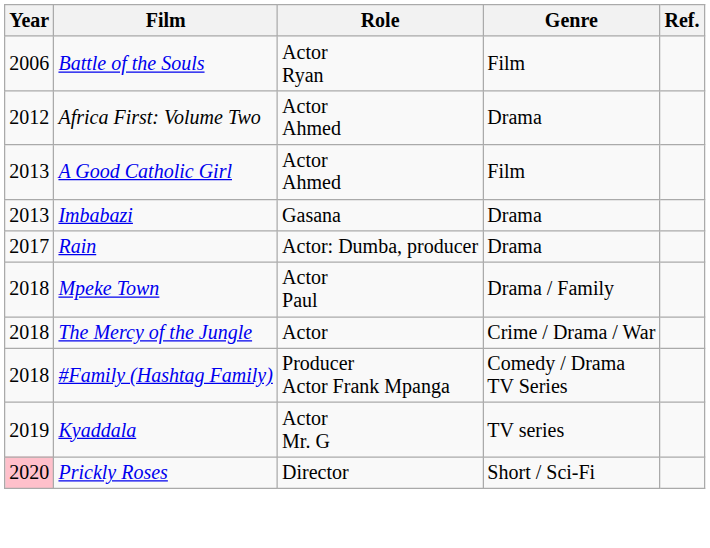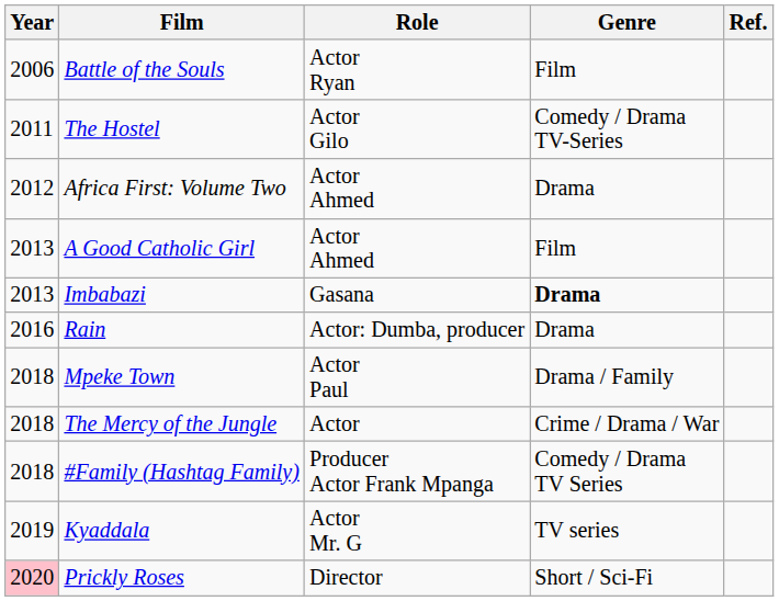 <table class="wikitable">
 <tr>
 <th>Year</th>
 <th>Film</th>
 <th>Role</th>
 <th>Genre</th>
 <th>Ref.</th>
 </tr>
 <tr>
 <td>2006</td>
 <td><em><a href='#'>Battle of the Souls</a></em></td>
 <td>Actor<br>Ryan</td>
 <td>Film</td>
+<td></td>
+</tr>
+<tr>
+<td>2011</td>
+<td><em><a href='#'>The Hostel</a></em></td>
+<td>Actor<br>Gilo</td>
+<td>Comedy / Drama<br>TV-Series</td>
 <td></td>
 </tr>
 <tr>
 <td>2012</td>
 <td><em>Africa First: Volume Two</em></td>
 <td>Actor<br>Ahmed</td>
 <td>Drama</td>
 <td></td>
 </tr>
 <tr>
 <td>2013</td>
 <td><em><a href='#'>A Good Catholic Girl</a></em></td>
 <td>Actor<br>Ahmed</td>
 <td>Film</td>
 <td></td>
 </tr>
 <tr>
 <td>2013</td>
 <td><em><a href='#'>Imbabazi</a></em></td>
 <td>Gasana</td>
-<td>Drama</td>
+<td><strong>Drama</strong></td>
 <td></td>
 </tr>
 <tr>
-<td>2017</td>
+<td>2016</td>
 <td><em><a href='#'>Rain</a></em></td>
 <td>Actor: Dumba, producer</td>
 <td>Drama</td>
 <td></td>
 </tr>
 <tr>
 <td>2018</td>
 <td><em><a href='#'>Mpeke Town</a></em></td>
 <td>Actor<br>Paul</td>
 <td>Drama / Family</td>
 <td></td>
 </tr>
 <tr>
 <td>2018</td>
 <td><em><a href='#'>The Mercy of the Jungle</a></em></td>
 <td>Actor</td>
 <td>Crime / Drama / War</td>
 <td></td>
 </tr>
 <tr>
 <td>2018</td>
 <td><em><a href='#'>#Family (Hashtag Family)</a></em></td>
 <td>Producer<br>Actor Frank Mpanga</td>
 <td>Comedy / Drama<br>TV Series</td>
 <td></td>
 </tr>
 <tr>
 <td>2019</td>
 <td><em><a href='#'>Kyaddala</a></em></td>
 <td>Actor<br>Mr. G</td>
 <td>TV series</td>
 <td></td>
 </tr>
 <tr>
 <td style="background: pink;">2020</td>
 <td><em><a href='#'>Prickly Roses</a></em></td>
 <td>Director</td>
 <td>Short / Sci-Fi</td>
 <td></td>
 </tr>
 </table>
